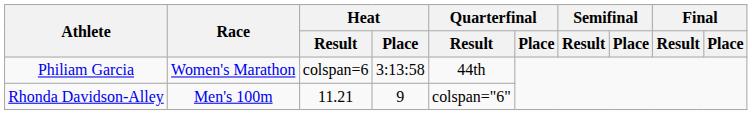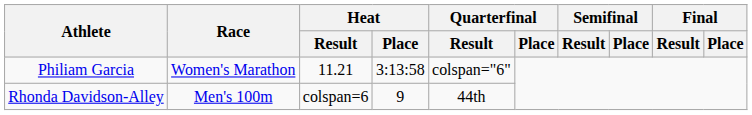 <table class=wikitable style="font-size:95%">
 <tr>
 <th rowspan="2">Athlete</th>
 <th rowspan="2">Race</th>
 <th colspan="2">Heat</th>
 <th colspan="2">Quarterfinal</th>
 <th colspan="2">Semifinal</th>
 <th colspan="2">Final</th>
 </tr>
 <tr>
 <th>Result</th>
 <th>Place</th>
 <th>Result</th>
 <th>Place</th>
 <th>Result</th>
 <th>Place</th>
 <th>Result</th>
 <th>Place</th>
 </tr>
 <tr align="center">
 <td><a href='#'>Philiam Garcia</a></td>
 <td><a href='#'>Women's Marathon</a></td>
-<td>colspan=6  </td>
+<td>11.21</td>
 <td>3:13:58</td>
-<td>44th</td>
+<td>colspan="6" </td>
 </tr>
 <tr align="center">
 <td><a href='#'>Rhonda Davidson-Alley</a></td>
 <td><a href='#'>Men's 100m</a></td>
-<td>11.21</td>
+<td>colspan=6  </td>
 <td>9</td>
-<td>colspan="6" </td>
+<td>44th</td>
 </tr>
 </table>
